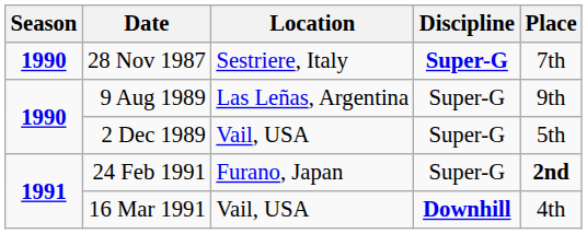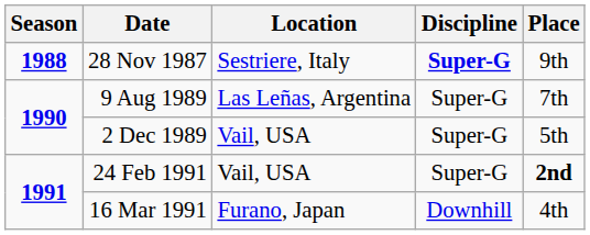 <table class="wikitable" style="font-size:95%; text-align:center;">
 <tr>
 <th>Season</th>
 <th>Date</th>
 <th>Location</th>
 <th>Discipline</th>
 <th>Place</th>
 </tr>
 <tr>
-<td><strong><a href='#'>1990</a></strong></td>
+<td><strong><a href='#'>1988</a></strong></td>
 <td align="right">28 Nov 1987</td>
 <td align="left"> <a href='#'>Sestriere</a>, Italy</td>
 <td><strong><a href='#'>Super-G</a></strong></td>
-<td>7th</td>
+<td>9th</td>
 </tr>
 <tr>
 <td rowspan=2><strong><a href='#'>1990</a></strong></td>
 <td align="right">9 Aug 1989</td>
 <td align="left"> <a href='#'>Las Leñas</a>, Argentina</td>
 <td>Super-G</td>
-<td>9th</td>
+<td>7th</td>
 </tr>
 <tr>
 <td align="right">2 Dec 1989</td>
 <td align="left"> <a href='#'>Vail</a>, USA</td>
 <td>Super-G</td>
 <td>5th</td>
 </tr>
 <tr>
 <td rowspan=2><strong><a href='#'>1991</a></strong></td>
 <td align="right">24 Feb 1991</td>
-<td align="left"> <a href='#'>Furano</a>, Japan</td>
+<td align="left"> Vail, USA</td>
 <td>Super-G</td>
 <td><strong>2nd</strong></td>
 </tr>
 <tr>
 <td align="right">16 Mar 1991</td>
-<td align="left"> Vail, USA</td>
-<td><strong><a href='#'>Downhill</a></strong></td>
+<td align="left"> <a href='#'>Furano</a>, Japan</td>
+<td><a href='#'>Downhill</a></td>
 <td>4th</td>
 </tr>
 </table>
